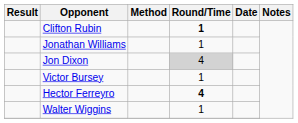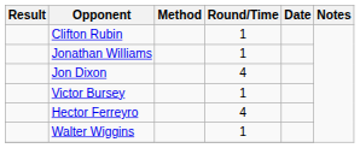 <table class="wikitable" style="text-align:center;">
 <tr>
 <th>Result</th>
 <th>Opponent</th>
 <th>Method</th>
 <th>Round/Time</th>
 <th>Date</th>
 <th>Notes</th>
 </tr>
 <tr>
 <td></td>
 <td align=left> <a href='#'>Clifton Rubin</a></td>
 <td></td>
-<td><strong>1 </strong></td>
+<td>1 </td>
 <td></td>
 </tr>
 <tr>
 <td></td>
 <td align=left> <a href='#'>Jonathan Williams</a></td>
 <td></td>
 <td>1</td>
 <td></td>
 </tr>
 <tr>
 <td></td>
 <td align=left> <a href='#'>Jon Dixon</a></td>
 <td></td>
-<td style="background: lightgrey;">4</td>
+<td>4</td>
 <td></td>
 </tr>
 <tr>
 <td></td>
 <td align=left> <a href='#'>Victor Bursey</a></td>
 <td></td>
 <td>1 </td>
 <td></td>
 </tr>
 <tr>
 <td></td>
 <td align=left> <a href='#'>Hector Ferreyro</a></td>
 <td></td>
-<td><strong>4 </strong></td>
+<td>4 </td>
 <td></td>
 </tr>
 <tr>
 <td></td>
 <td align=left> <a href='#'>Walter Wiggins</a></td>
 <td></td>
 <td>1</td>
 <td></td>
 </tr>
 <tr>
 </tr>
 </table>
